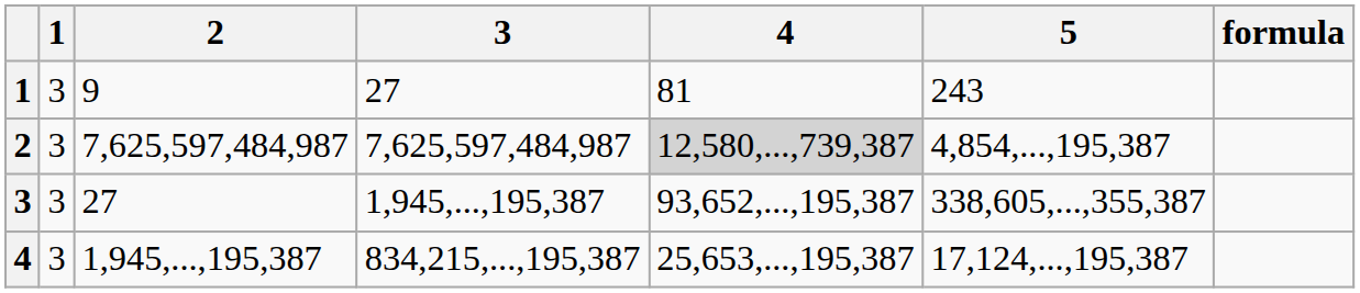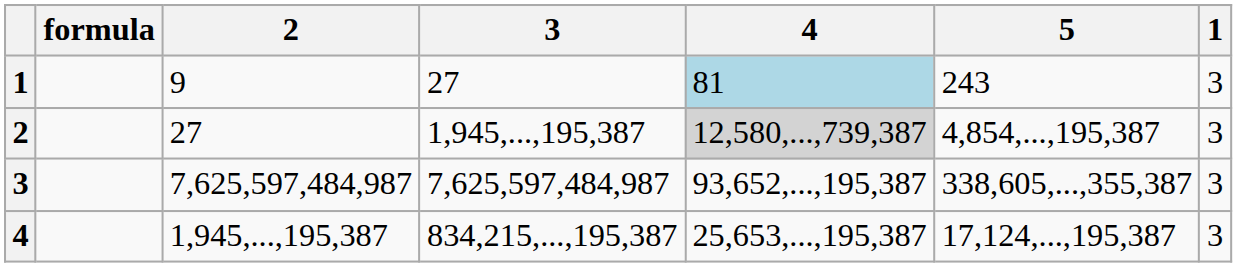 <table class="wikitable">
 <tr>
 <th></th>
-<th>1</th>
+<th>formula</th>
 <th>2</th>
 <th>3</th>
 <th>4</th>
 <th>5</th>
-<th>formula</th>
+<th>1</th>
 </tr>
 <tr>
 <th>1</th>
-<td>3</td>
+<td></td>
 <td>9</td>
 <td>27</td>
-<td>81</td>
+<td style="background: lightblue;">81</td>
 <td>243</td>
-<td></td>
+<td>3</td>
 </tr>
 <tr>
 <th>2</th>
-<td>3</td>
-<td>7,625,597,484,987</td>
-<td>7,625,597,484,987</td>
+<td></td>
+<td>27</td>
+<td>1,945,...,195,387</td>
 <td style="background: lightgrey;">12,580,...,739,387</td>
 <td>4,854,...,195,387</td>
-<td></td>
+<td>3</td>
 </tr>
 <tr>
 <th>3</th>
-<td>3</td>
-<td>27</td>
-<td>1,945,...,195,387</td>
+<td></td>
+<td>7,625,597,484,987</td>
+<td>7,625,597,484,987</td>
 <td>93,652,...,195,387</td>
 <td>338,605,...,355,387</td>
-<td></td>
+<td>3</td>
 </tr>
 <tr>
 <th>4</th>
-<td>3</td>
+<td></td>
 <td>1,945,...,195,387</td>
 <td>834,215,...,195,387</td>
 <td>25,653,...,195,387</td>
 <td>17,124,...,195,387</td>
-<td></td>
+<td>3</td>
 </tr>
 </table>
